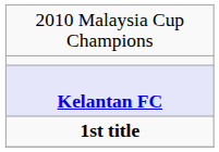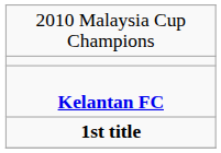 <table class="wikitable" style="text-align: center; margin: 0 auto; width: 20%">
 <tr>
 <td>2010 Malaysia Cup Champions</td>
 </tr>
 <tr>
 <td></td>
 </tr>
 <tr>
-<td style="background: lavender;"><br><strong><a href='#'>Kelantan FC</a></strong></td>
+<td><br><strong><a href='#'>Kelantan FC</a></strong></td>
 </tr>
 <tr>
 <td><strong>1st title</strong></td>
 </tr>
 <tr>
 </tr>
 </table>
